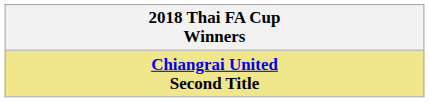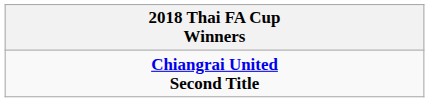 <table class="wikitable" style="text-align: center; margin: 0 auto; width: 20%">
 <tr>
 <th>2018 Thai FA Cup<br>Winners</th>
 </tr>
 <tr>
-<td align="center" style="background: khaki;"><strong><a href='#'>Chiangrai United</a></strong><br><strong>Second Title</strong></td>
+<td align="center"><strong><a href='#'>Chiangrai United</a></strong><br><strong>Second Title</strong></td>
 </tr>
 </table>
